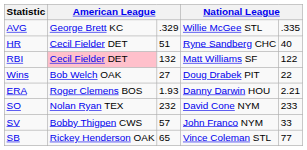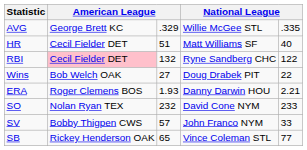 <table class="wikitable">
 <tr>
 <th>Statistic</th>
 <th colspan=2><a href='#'>American League</a></th>
 <th colspan=2><a href='#'>National League</a></th>
 </tr>
 <tr>
 <td><a href='#'>AVG</a></td>
 <td><a href='#'>George Brett</a> KC</td>
 <td>.329</td>
 <td><a href='#'>Willie McGee</a> STL</td>
 <td>.335</td>
 </tr>
 <tr>
 <td><a href='#'>HR</a></td>
 <td><a href='#'>Cecil Fielder</a> DET</td>
 <td>51</td>
-<td><a href='#'>Ryne Sandberg</a> CHC</td>
+<td><a href='#'>Matt Williams</a> SF</td>
 <td>40</td>
 </tr>
 <tr>
 <td><a href='#'>RBI</a></td>
 <td style="background: pink;"><a href='#'>Cecil Fielder</a> DET</td>
 <td>132</td>
-<td><a href='#'>Matt Williams</a> SF</td>
+<td><a href='#'>Ryne Sandberg</a> CHC</td>
 <td>122</td>
 </tr>
 <tr>
 <td><a href='#'>Wins</a></td>
 <td><a href='#'>Bob Welch</a> OAK</td>
 <td>27</td>
 <td><a href='#'>Doug Drabek</a> PIT</td>
 <td>22</td>
 </tr>
 <tr>
 <td><a href='#'>ERA</a></td>
 <td><a href='#'>Roger Clemens</a> BOS</td>
 <td>1.93</td>
 <td><a href='#'>Danny Darwin</a> HOU</td>
 <td>2.21</td>
 </tr>
 <tr>
 <td><a href='#'>SO</a></td>
 <td><a href='#'>Nolan Ryan</a> TEX</td>
 <td>232</td>
 <td><a href='#'>David Cone</a> NYM</td>
 <td>233</td>
 </tr>
 <tr>
 <td><a href='#'>SV</a></td>
 <td><a href='#'>Bobby Thigpen</a> CWS</td>
 <td>57</td>
 <td><a href='#'>John Franco</a> NYM</td>
 <td>33</td>
 </tr>
 <tr>
 <td><a href='#'>SB</a></td>
 <td><a href='#'>Rickey Henderson</a> OAK</td>
 <td>65</td>
 <td><a href='#'>Vince Coleman</a> STL</td>
 <td>77</td>
 </tr>
 </table>
